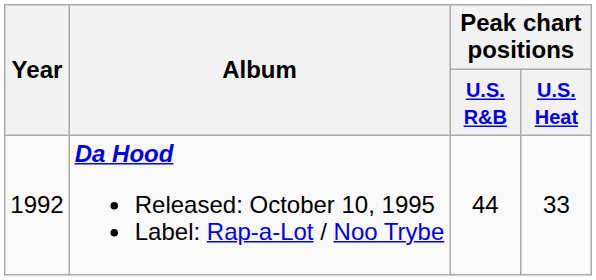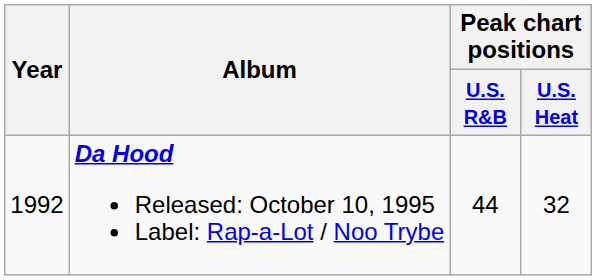 <table class="wikitable">
 <tr>
 <th rowspan="2">Year</th>
 <th rowspan="2">Album</th>
 <th colspan="2">Peak chart positions</th>
 </tr>
 <tr>
 <th width=40><small><a href='#'>U.S. R&B</a></small></th>
 <th width=40><small><a href='#'>U.S. Heat</a></small></th>
 </tr>
 <tr>
 <td>1992</td>
 <td><strong><em><a href='#'>Da Hood</a></em></strong><br><ul><li>Released: October 10, 1995</li><li>Label: <a href='#'>Rap-a-Lot</a> / <a href='#'>Noo Trybe</a></li></ul></td>
 <td align="center">44</td>
-<td align="center">33</td>
+<td align="center">32</td>
 </tr>
 </table>
